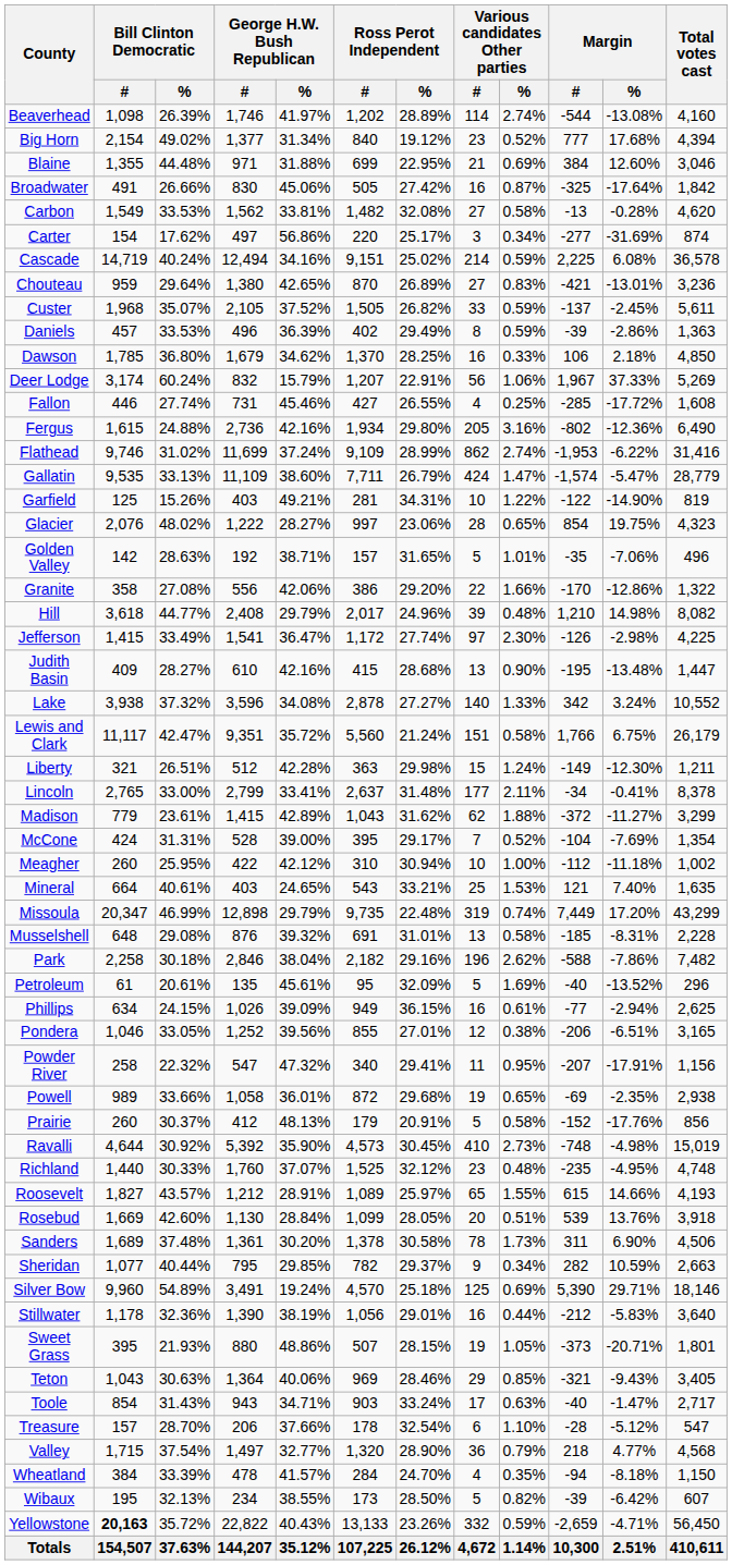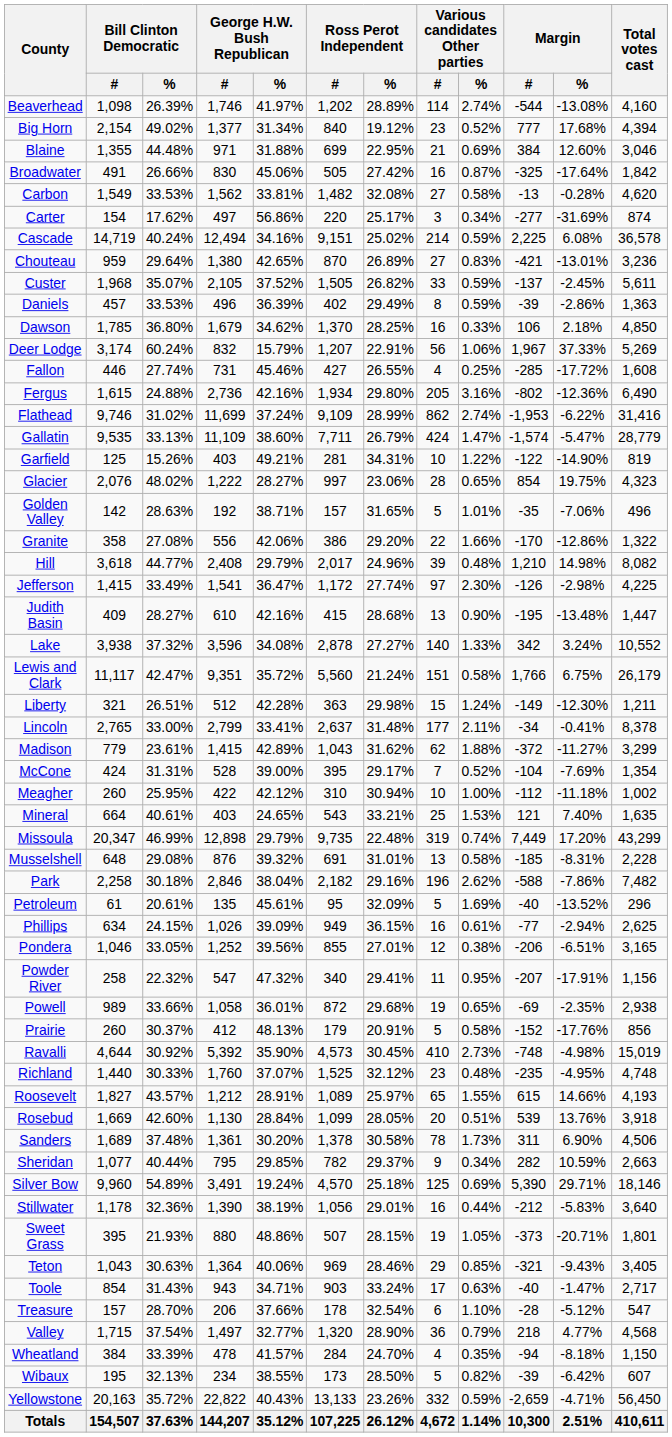 <table width="60%"  class="wikitable sortable" style="text-align:center">
 <tr>
 <th style="text-align:center;" rowspan="2">County</th>
 <th style="text-align:center;" colspan="2">Bill Clinton<br>Democratic</th>
 <th style="text-align:center;" colspan="2">George H.W. Bush<br>Republican</th>
 <th style="text-align:center;" colspan="2">Ross Perot<br>Independent</th>
 <th style="text-align:center;" colspan="2">Various candidates<br>Other parties</th>
 <th style="text-align:center;" colspan="2">Margin</th>
 <th style="text-align:center;" rowspan="2">Total votes cast</th>
 </tr>
 <tr>
 <th style="text-align:center;" data-sort-type="number">#</th>
 <th style="text-align:center;" data-sort-type="number">%</th>
 <th style="text-align:center;" data-sort-type="number">#</th>
 <th style="text-align:center;" data-sort-type="number">%</th>
 <th style="text-align:center;" data-sort-type="number">#</th>
 <th style="text-align:center;" data-sort-type="number">%</th>
 <th style="text-align:center;" data-sort-type="number">#</th>
 <th style="text-align:center;" data-sort-type="number">%</th>
 <th style="text-align:center;" data-sort-type="number">#</th>
 <th style="text-align:center;" data-sort-type="number">%</th>
 </tr>
 <tr style="text-align:center;">
 <td><a href='#'>Beaverhead</a></td>
 <td>1,098</td>
 <td>26.39%</td>
 <td>1,746</td>
 <td>41.97%</td>
 <td>1,202</td>
 <td>28.89%</td>
 <td>114</td>
 <td>2.74%</td>
 <td>-544</td>
 <td>-13.08%</td>
 <td>4,160</td>
 </tr>
 <tr style="text-align:center;">
 <td><a href='#'>Big Horn</a></td>
 <td>2,154</td>
 <td>49.02%</td>
 <td>1,377</td>
 <td>31.34%</td>
 <td>840</td>
 <td>19.12%</td>
 <td>23</td>
 <td>0.52%</td>
 <td>777</td>
 <td>17.68%</td>
 <td>4,394</td>
 </tr>
 <tr style="text-align:center;">
 <td><a href='#'>Blaine</a></td>
 <td>1,355</td>
 <td>44.48%</td>
 <td>971</td>
 <td>31.88%</td>
 <td>699</td>
 <td>22.95%</td>
 <td>21</td>
 <td>0.69%</td>
 <td>384</td>
 <td>12.60%</td>
 <td>3,046</td>
 </tr>
 <tr style="text-align:center;">
 <td><a href='#'>Broadwater</a></td>
 <td>491</td>
 <td>26.66%</td>
 <td>830</td>
 <td>45.06%</td>
 <td>505</td>
 <td>27.42%</td>
 <td>16</td>
 <td>0.87%</td>
 <td>-325</td>
 <td>-17.64%</td>
 <td>1,842</td>
 </tr>
 <tr style="text-align:center;">
 <td><a href='#'>Carbon</a></td>
 <td>1,549</td>
 <td>33.53%</td>
 <td>1,562</td>
 <td>33.81%</td>
 <td>1,482</td>
 <td>32.08%</td>
 <td>27</td>
 <td>0.58%</td>
 <td>-13</td>
 <td>-0.28%</td>
 <td>4,620</td>
 </tr>
 <tr style="text-align:center;">
 <td><a href='#'>Carter</a></td>
 <td>154</td>
 <td>17.62%</td>
 <td>497</td>
 <td>56.86%</td>
 <td>220</td>
 <td>25.17%</td>
 <td>3</td>
 <td>0.34%</td>
 <td>-277</td>
 <td>-31.69%</td>
 <td>874</td>
 </tr>
 <tr style="text-align:center;">
 <td><a href='#'>Cascade</a></td>
 <td>14,719</td>
 <td>40.24%</td>
 <td>12,494</td>
 <td>34.16%</td>
 <td>9,151</td>
 <td>25.02%</td>
 <td>214</td>
 <td>0.59%</td>
 <td>2,225</td>
 <td>6.08%</td>
 <td>36,578</td>
 </tr>
 <tr style="text-align:center;">
 <td><a href='#'>Chouteau</a></td>
 <td>959</td>
 <td>29.64%</td>
 <td>1,380</td>
 <td>42.65%</td>
 <td>870</td>
 <td>26.89%</td>
 <td>27</td>
 <td>0.83%</td>
 <td>-421</td>
 <td>-13.01%</td>
 <td>3,236</td>
 </tr>
 <tr style="text-align:center;">
 <td><a href='#'>Custer</a></td>
 <td>1,968</td>
 <td>35.07%</td>
 <td>2,105</td>
 <td>37.52%</td>
 <td>1,505</td>
 <td>26.82%</td>
 <td>33</td>
 <td>0.59%</td>
 <td>-137</td>
 <td>-2.45%</td>
 <td>5,611</td>
 </tr>
 <tr style="text-align:center;">
 <td><a href='#'>Daniels</a></td>
 <td>457</td>
 <td>33.53%</td>
 <td>496</td>
 <td>36.39%</td>
 <td>402</td>
 <td>29.49%</td>
 <td>8</td>
 <td>0.59%</td>
 <td>-39</td>
 <td>-2.86%</td>
 <td>1,363</td>
 </tr>
 <tr style="text-align:center;">
 <td><a href='#'>Dawson</a></td>
 <td>1,785</td>
 <td>36.80%</td>
 <td>1,679</td>
 <td>34.62%</td>
 <td>1,370</td>
 <td>28.25%</td>
 <td>16</td>
 <td>0.33%</td>
 <td>106</td>
 <td>2.18%</td>
 <td>4,850</td>
 </tr>
 <tr style="text-align:center;">
 <td><a href='#'>Deer Lodge</a></td>
 <td>3,174</td>
 <td>60.24%</td>
 <td>832</td>
 <td>15.79%</td>
 <td>1,207</td>
 <td>22.91%</td>
 <td>56</td>
 <td>1.06%</td>
 <td>1,967</td>
 <td>37.33%</td>
 <td>5,269</td>
 </tr>
 <tr style="text-align:center;">
 <td><a href='#'>Fallon</a></td>
 <td>446</td>
 <td>27.74%</td>
 <td>731</td>
 <td>45.46%</td>
 <td>427</td>
 <td>26.55%</td>
 <td>4</td>
 <td>0.25%</td>
 <td>-285</td>
 <td>-17.72%</td>
 <td>1,608</td>
 </tr>
 <tr style="text-align:center;">
 <td><a href='#'>Fergus</a></td>
 <td>1,615</td>
 <td>24.88%</td>
 <td>2,736</td>
 <td>42.16%</td>
 <td>1,934</td>
 <td>29.80%</td>
 <td>205</td>
 <td>3.16%</td>
 <td>-802</td>
 <td>-12.36%</td>
 <td>6,490</td>
 </tr>
 <tr style="text-align:center;">
 <td><a href='#'>Flathead</a></td>
 <td>9,746</td>
 <td>31.02%</td>
 <td>11,699</td>
 <td>37.24%</td>
 <td>9,109</td>
 <td>28.99%</td>
 <td>862</td>
 <td>2.74%</td>
 <td>-1,953</td>
 <td>-6.22%</td>
 <td>31,416</td>
 </tr>
 <tr style="text-align:center;">
 <td><a href='#'>Gallatin</a></td>
 <td>9,535</td>
 <td>33.13%</td>
 <td>11,109</td>
 <td>38.60%</td>
 <td>7,711</td>
 <td>26.79%</td>
 <td>424</td>
 <td>1.47%</td>
 <td>-1,574</td>
 <td>-5.47%</td>
 <td>28,779</td>
 </tr>
 <tr style="text-align:center;">
 <td><a href='#'>Garfield</a></td>
 <td>125</td>
 <td>15.26%</td>
 <td>403</td>
 <td>49.21%</td>
 <td>281</td>
 <td>34.31%</td>
 <td>10</td>
 <td>1.22%</td>
 <td>-122</td>
 <td>-14.90%</td>
 <td>819</td>
 </tr>
 <tr style="text-align:center;">
 <td><a href='#'>Glacier</a></td>
 <td>2,076</td>
 <td>48.02%</td>
 <td>1,222</td>
 <td>28.27%</td>
 <td>997</td>
 <td>23.06%</td>
 <td>28</td>
 <td>0.65%</td>
 <td>854</td>
 <td>19.75%</td>
 <td>4,323</td>
 </tr>
 <tr style="text-align:center;">
 <td><a href='#'>Golden Valley</a></td>
 <td>142</td>
 <td>28.63%</td>
 <td>192</td>
 <td>38.71%</td>
 <td>157</td>
 <td>31.65%</td>
 <td>5</td>
 <td>1.01%</td>
 <td>-35</td>
 <td>-7.06%</td>
 <td>496</td>
 </tr>
 <tr style="text-align:center;">
 <td><a href='#'>Granite</a></td>
 <td>358</td>
 <td>27.08%</td>
 <td>556</td>
 <td>42.06%</td>
 <td>386</td>
 <td>29.20%</td>
 <td>22</td>
 <td>1.66%</td>
 <td>-170</td>
 <td>-12.86%</td>
 <td>1,322</td>
 </tr>
 <tr style="text-align:center;">
 <td><a href='#'>Hill</a></td>
 <td>3,618</td>
 <td>44.77%</td>
 <td>2,408</td>
 <td>29.79%</td>
 <td>2,017</td>
 <td>24.96%</td>
 <td>39</td>
 <td>0.48%</td>
 <td>1,210</td>
 <td>14.98%</td>
 <td>8,082</td>
 </tr>
 <tr style="text-align:center;">
 <td><a href='#'>Jefferson</a></td>
 <td>1,415</td>
 <td>33.49%</td>
 <td>1,541</td>
 <td>36.47%</td>
 <td>1,172</td>
 <td>27.74%</td>
 <td>97</td>
 <td>2.30%</td>
 <td>-126</td>
 <td>-2.98%</td>
 <td>4,225</td>
 </tr>
 <tr style="text-align:center;">
 <td><a href='#'>Judith Basin</a></td>
 <td>409</td>
 <td>28.27%</td>
 <td>610</td>
 <td>42.16%</td>
 <td>415</td>
 <td>28.68%</td>
 <td>13</td>
 <td>0.90%</td>
 <td>-195</td>
 <td>-13.48%</td>
 <td>1,447</td>
 </tr>
 <tr style="text-align:center;">
 <td><a href='#'>Lake</a></td>
 <td>3,938</td>
 <td>37.32%</td>
 <td>3,596</td>
 <td>34.08%</td>
 <td>2,878</td>
 <td>27.27%</td>
 <td>140</td>
 <td>1.33%</td>
 <td>342</td>
 <td>3.24%</td>
 <td>10,552</td>
 </tr>
 <tr style="text-align:center;">
 <td><a href='#'>Lewis and Clark</a></td>
 <td>11,117</td>
 <td>42.47%</td>
 <td>9,351</td>
 <td>35.72%</td>
 <td>5,560</td>
 <td>21.24%</td>
 <td>151</td>
 <td>0.58%</td>
 <td>1,766</td>
 <td>6.75%</td>
 <td>26,179</td>
 </tr>
 <tr style="text-align:center;">
 <td><a href='#'>Liberty</a></td>
 <td>321</td>
 <td>26.51%</td>
 <td>512</td>
 <td>42.28%</td>
 <td>363</td>
 <td>29.98%</td>
 <td>15</td>
 <td>1.24%</td>
 <td>-149</td>
 <td>-12.30%</td>
 <td>1,211</td>
 </tr>
 <tr style="text-align:center;">
 <td><a href='#'>Lincoln</a></td>
 <td>2,765</td>
 <td>33.00%</td>
 <td>2,799</td>
 <td>33.41%</td>
 <td>2,637</td>
 <td>31.48%</td>
 <td>177</td>
 <td>2.11%</td>
 <td>-34</td>
 <td>-0.41%</td>
 <td>8,378</td>
 </tr>
 <tr style="text-align:center;">
 <td><a href='#'>Madison</a></td>
 <td>779</td>
 <td>23.61%</td>
 <td>1,415</td>
 <td>42.89%</td>
 <td>1,043</td>
 <td>31.62%</td>
 <td>62</td>
 <td>1.88%</td>
 <td>-372</td>
 <td>-11.27%</td>
 <td>3,299</td>
 </tr>
 <tr style="text-align:center;">
 <td><a href='#'>McCone</a></td>
 <td>424</td>
 <td>31.31%</td>
 <td>528</td>
 <td>39.00%</td>
 <td>395</td>
 <td>29.17%</td>
 <td>7</td>
 <td>0.52%</td>
 <td>-104</td>
 <td>-7.69%</td>
 <td>1,354</td>
 </tr>
 <tr style="text-align:center;">
 <td><a href='#'>Meagher</a></td>
 <td>260</td>
 <td>25.95%</td>
 <td>422</td>
 <td>42.12%</td>
 <td>310</td>
 <td>30.94%</td>
 <td>10</td>
 <td>1.00%</td>
 <td>-112</td>
 <td>-11.18%</td>
 <td>1,002</td>
 </tr>
 <tr style="text-align:center;">
 <td><a href='#'>Mineral</a></td>
 <td>664</td>
 <td>40.61%</td>
 <td>403</td>
 <td>24.65%</td>
 <td>543</td>
 <td>33.21%</td>
 <td>25</td>
 <td>1.53%</td>
 <td>121</td>
 <td>7.40%</td>
 <td>1,635</td>
 </tr>
 <tr style="text-align:center;">
 <td><a href='#'>Missoula</a></td>
 <td>20,347</td>
 <td>46.99%</td>
 <td>12,898</td>
 <td>29.79%</td>
 <td>9,735</td>
 <td>22.48%</td>
 <td>319</td>
 <td>0.74%</td>
 <td>7,449</td>
 <td>17.20%</td>
 <td>43,299</td>
 </tr>
 <tr style="text-align:center;">
 <td><a href='#'>Musselshell</a></td>
 <td>648</td>
 <td>29.08%</td>
 <td>876</td>
 <td>39.32%</td>
 <td>691</td>
 <td>31.01%</td>
 <td>13</td>
 <td>0.58%</td>
 <td>-185</td>
 <td>-8.31%</td>
 <td>2,228</td>
 </tr>
 <tr style="text-align:center;">
 <td><a href='#'>Park</a></td>
 <td>2,258</td>
 <td>30.18%</td>
 <td>2,846</td>
 <td>38.04%</td>
 <td>2,182</td>
 <td>29.16%</td>
 <td>196</td>
 <td>2.62%</td>
 <td>-588</td>
 <td>-7.86%</td>
 <td>7,482</td>
 </tr>
 <tr style="text-align:center;">
 <td><a href='#'>Petroleum</a></td>
 <td>61</td>
 <td>20.61%</td>
 <td>135</td>
 <td>45.61%</td>
 <td>95</td>
 <td>32.09%</td>
 <td>5</td>
 <td>1.69%</td>
 <td>-40</td>
 <td>-13.52%</td>
 <td>296</td>
 </tr>
 <tr style="text-align:center;">
 <td><a href='#'>Phillips</a></td>
 <td>634</td>
 <td>24.15%</td>
 <td>1,026</td>
 <td>39.09%</td>
 <td>949</td>
 <td>36.15%</td>
 <td>16</td>
 <td>0.61%</td>
 <td>-77</td>
 <td>-2.94%</td>
 <td>2,625</td>
 </tr>
 <tr style="text-align:center;">
 <td><a href='#'>Pondera</a></td>
 <td>1,046</td>
 <td>33.05%</td>
 <td>1,252</td>
 <td>39.56%</td>
 <td>855</td>
 <td>27.01%</td>
 <td>12</td>
 <td>0.38%</td>
 <td>-206</td>
 <td>-6.51%</td>
 <td>3,165</td>
 </tr>
 <tr style="text-align:center;">
 <td><a href='#'>Powder River</a></td>
 <td>258</td>
 <td>22.32%</td>
 <td>547</td>
 <td>47.32%</td>
 <td>340</td>
 <td>29.41%</td>
 <td>11</td>
 <td>0.95%</td>
 <td>-207</td>
 <td>-17.91%</td>
 <td>1,156</td>
 </tr>
 <tr style="text-align:center;">
 <td><a href='#'>Powell</a></td>
 <td>989</td>
 <td>33.66%</td>
 <td>1,058</td>
 <td>36.01%</td>
 <td>872</td>
 <td>29.68%</td>
 <td>19</td>
 <td>0.65%</td>
 <td>-69</td>
 <td>-2.35%</td>
 <td>2,938</td>
 </tr>
 <tr style="text-align:center;">
 <td><a href='#'>Prairie</a></td>
 <td>260</td>
 <td>30.37%</td>
 <td>412</td>
 <td>48.13%</td>
 <td>179</td>
 <td>20.91%</td>
 <td>5</td>
 <td>0.58%</td>
 <td>-152</td>
 <td>-17.76%</td>
 <td>856</td>
 </tr>
 <tr style="text-align:center;">
 <td><a href='#'>Ravalli</a></td>
 <td>4,644</td>
 <td>30.92%</td>
 <td>5,392</td>
 <td>35.90%</td>
 <td>4,573</td>
 <td>30.45%</td>
 <td>410</td>
 <td>2.73%</td>
 <td>-748</td>
 <td>-4.98%</td>
 <td>15,019</td>
 </tr>
 <tr style="text-align:center;">
 <td><a href='#'>Richland</a></td>
 <td>1,440</td>
 <td>30.33%</td>
 <td>1,760</td>
 <td>37.07%</td>
 <td>1,525</td>
 <td>32.12%</td>
 <td>23</td>
 <td>0.48%</td>
 <td>-235</td>
 <td>-4.95%</td>
 <td>4,748</td>
 </tr>
 <tr style="text-align:center;">
 <td><a href='#'>Roosevelt</a></td>
 <td>1,827</td>
 <td>43.57%</td>
 <td>1,212</td>
 <td>28.91%</td>
 <td>1,089</td>
 <td>25.97%</td>
 <td>65</td>
 <td>1.55%</td>
 <td>615</td>
 <td>14.66%</td>
 <td>4,193</td>
 </tr>
 <tr style="text-align:center;">
 <td><a href='#'>Rosebud</a></td>
 <td>1,669</td>
 <td>42.60%</td>
 <td>1,130</td>
 <td>28.84%</td>
 <td>1,099</td>
 <td>28.05%</td>
 <td>20</td>
 <td>0.51%</td>
 <td>539</td>
 <td>13.76%</td>
 <td>3,918</td>
 </tr>
 <tr style="text-align:center;">
 <td><a href='#'>Sanders</a></td>
 <td>1,689</td>
 <td>37.48%</td>
 <td>1,361</td>
 <td>30.20%</td>
 <td>1,378</td>
 <td>30.58%</td>
 <td>78</td>
 <td>1.73%</td>
 <td>311</td>
 <td>6.90%</td>
 <td>4,506</td>
 </tr>
 <tr style="text-align:center;">
 <td><a href='#'>Sheridan</a></td>
 <td>1,077</td>
 <td>40.44%</td>
 <td>795</td>
 <td>29.85%</td>
 <td>782</td>
 <td>29.37%</td>
 <td>9</td>
 <td>0.34%</td>
 <td>282</td>
 <td>10.59%</td>
 <td>2,663</td>
 </tr>
 <tr style="text-align:center;">
 <td><a href='#'>Silver Bow</a></td>
 <td>9,960</td>
 <td>54.89%</td>
 <td>3,491</td>
 <td>19.24%</td>
 <td>4,570</td>
 <td>25.18%</td>
 <td>125</td>
 <td>0.69%</td>
 <td>5,390</td>
 <td>29.71%</td>
 <td>18,146</td>
 </tr>
 <tr style="text-align:center;">
 <td><a href='#'>Stillwater</a></td>
 <td>1,178</td>
 <td>32.36%</td>
 <td>1,390</td>
 <td>38.19%</td>
 <td>1,056</td>
 <td>29.01%</td>
 <td>16</td>
 <td>0.44%</td>
 <td>-212</td>
 <td>-5.83%</td>
 <td>3,640</td>
 </tr>
 <tr style="text-align:center;">
 <td><a href='#'>Sweet Grass</a></td>
 <td>395</td>
 <td>21.93%</td>
 <td>880</td>
 <td>48.86%</td>
 <td>507</td>
 <td>28.15%</td>
 <td>19</td>
 <td>1.05%</td>
 <td>-373</td>
 <td>-20.71%</td>
 <td>1,801</td>
 </tr>
 <tr style="text-align:center;">
 <td><a href='#'>Teton</a></td>
 <td>1,043</td>
 <td>30.63%</td>
 <td>1,364</td>
 <td>40.06%</td>
 <td>969</td>
 <td>28.46%</td>
 <td>29</td>
 <td>0.85%</td>
 <td>-321</td>
 <td>-9.43%</td>
 <td>3,405</td>
 </tr>
 <tr style="text-align:center;">
 <td><a href='#'>Toole</a></td>
 <td>854</td>
 <td>31.43%</td>
 <td>943</td>
 <td>34.71%</td>
 <td>903</td>
 <td>33.24%</td>
 <td>17</td>
 <td>0.63%</td>
 <td>-40</td>
 <td>-1.47%</td>
 <td>2,717</td>
 </tr>
 <tr style="text-align:center;">
 <td><a href='#'>Treasure</a></td>
 <td>157</td>
 <td>28.70%</td>
 <td>206</td>
 <td>37.66%</td>
 <td>178</td>
 <td>32.54%</td>
 <td>6</td>
 <td>1.10%</td>
 <td>-28</td>
 <td>-5.12%</td>
 <td>547</td>
 </tr>
 <tr style="text-align:center;">
 <td><a href='#'>Valley</a></td>
 <td>1,715</td>
 <td>37.54%</td>
 <td>1,497</td>
 <td>32.77%</td>
 <td>1,320</td>
 <td>28.90%</td>
 <td>36</td>
 <td>0.79%</td>
 <td>218</td>
 <td>4.77%</td>
 <td>4,568</td>
 </tr>
 <tr style="text-align:center;">
 <td><a href='#'>Wheatland</a></td>
 <td>384</td>
 <td>33.39%</td>
 <td>478</td>
 <td>41.57%</td>
 <td>284</td>
 <td>24.70%</td>
 <td>4</td>
 <td>0.35%</td>
 <td>-94</td>
 <td>-8.18%</td>
 <td>1,150</td>
 </tr>
 <tr style="text-align:center;">
 <td><a href='#'>Wibaux</a></td>
 <td>195</td>
 <td>32.13%</td>
 <td>234</td>
 <td>38.55%</td>
 <td>173</td>
 <td>28.50%</td>
 <td>5</td>
 <td>0.82%</td>
 <td>-39</td>
 <td>-6.42%</td>
 <td>607</td>
 </tr>
 <tr style="text-align:center;">
 <td><a href='#'>Yellowstone</a></td>
-<td><strong>20,163</strong></td>
+<td>20,163</td>
 <td>35.72%</td>
 <td>22,822</td>
 <td>40.43%</td>
 <td>13,133</td>
 <td>23.26%</td>
 <td>332</td>
 <td>0.59%</td>
 <td>-2,659</td>
 <td>-4.71%</td>
 <td>56,450</td>
 </tr>
 <tr>
 <th>Totals</th>
 <th>154,507</th>
 <th>37.63%</th>
 <th>144,207</th>
 <th>35.12%</th>
 <th>107,225</th>
 <th>26.12%</th>
 <th>4,672</th>
 <th>1.14%</th>
 <th>10,300</th>
 <th>2.51%</th>
 <th>410,611</th>
 </tr>
 </table>
